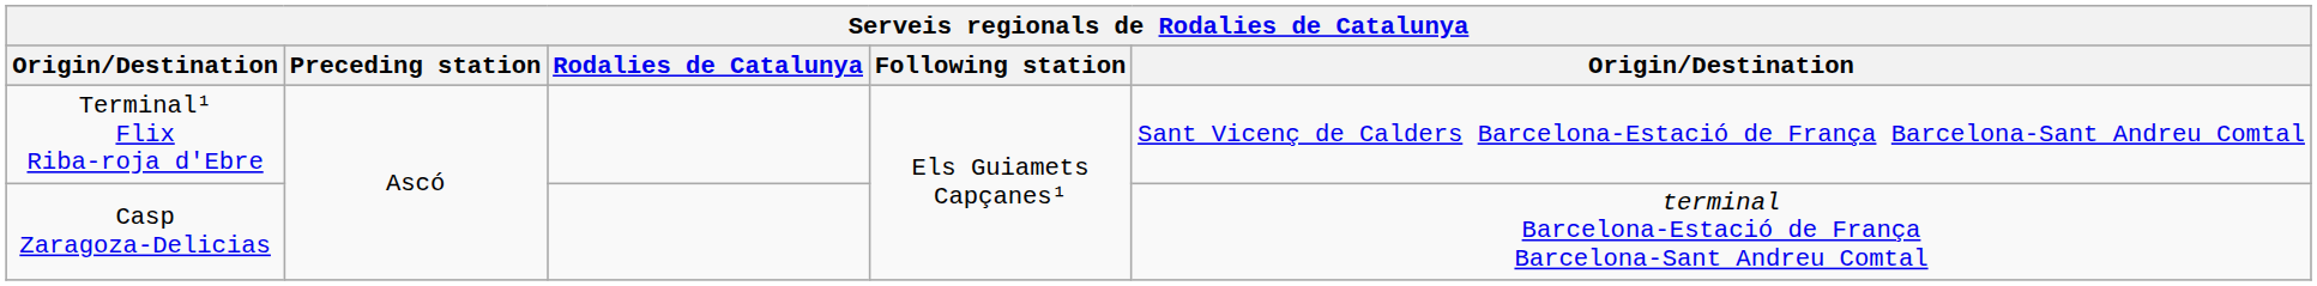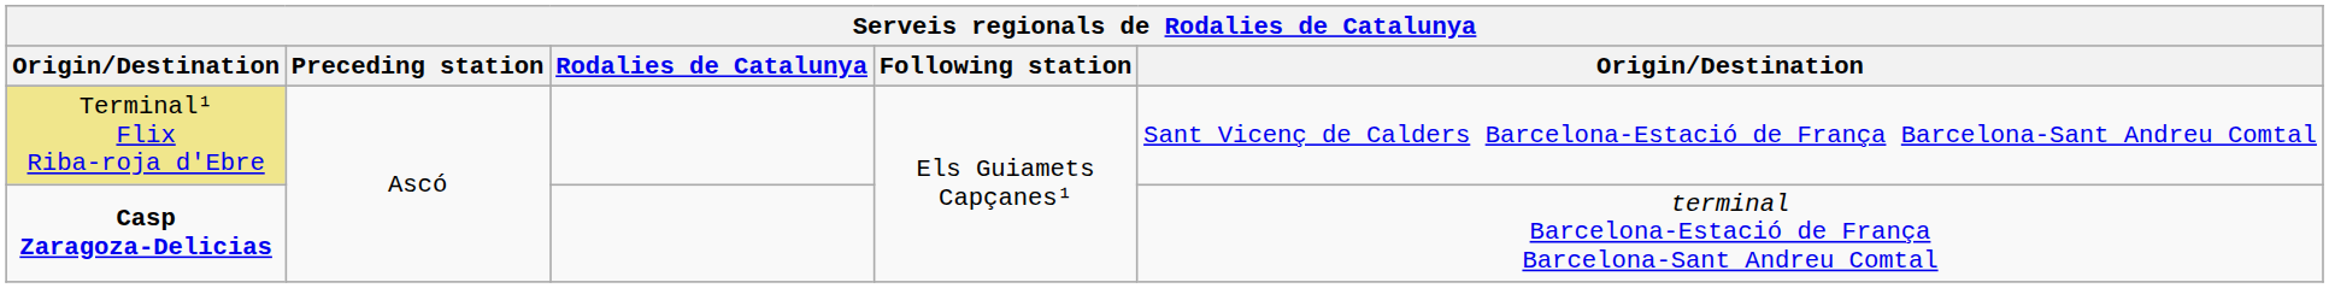 <table class="wikitable" style="margin:0 auto; text-align:center;">
 <tr>
 <th colspan="5"><strong> Serveis regionals de <a href='#'>Rodalies de Catalunya</a></strong></th>
 </tr>
 <tr>
 <th>Origin/Destination</th>
 <th>Preceding station</th>
 <th><a href='#'>Rodalies de Catalunya</a></th>
 <th>Following station</th>
 <th>Origin/Destination</th>
 </tr>
 <tr>
-<td>Terminal¹<br><a href='#'>Flix</a><br><a href='#'>Riba-roja d'Ebre</a></td>
+<td style="background: khaki;">Terminal¹<br><a href='#'>Flix</a><br><a href='#'>Riba-roja d'Ebre</a></td>
 <td rowspan="2">Ascó</td>
 <td></td>
 <td rowspan="2">Els Guiamets<br>Capçanes¹</td>
 <td><a href='#'>Sant Vicenç de Calders</a> <a href='#'>Barcelona-Estació de França</a> <a href='#'>Barcelona-Sant Andreu Comtal</a></td>
 </tr>
 <tr>
-<td>Casp<br><a href='#'>Zaragoza-Delicias</a></td>
+<td><strong>Casp<br><a href='#'>Zaragoza-Delicias</a></strong></td>
 <td></td>
 <td><em>terminal</em><br><a href='#'>Barcelona-Estació de França</a><br><a href='#'>Barcelona-Sant Andreu Comtal</a></td>
 </tr>
 </table>
